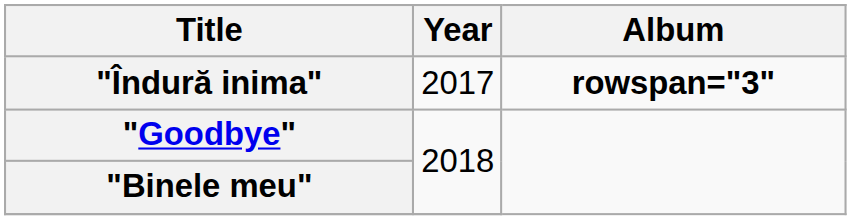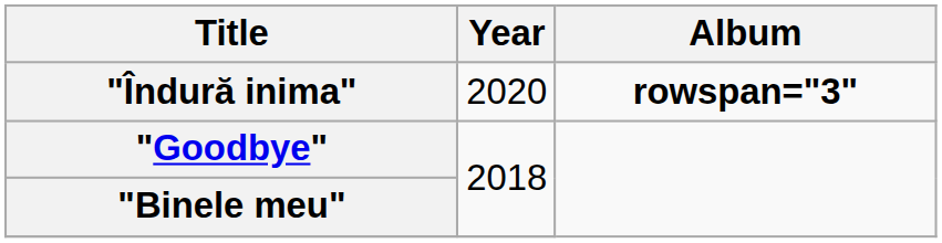 <table class="wikitable plainrowheaders" style="text-align:center;">
 <tr>
 <th scope="col" style="width:12em;">Title</th>
 <th scope="col" style="width:1em;">Year</th>
 <th scope="col" style="width:10em;">Album</th>
 </tr>
 <tr>
 <th scope="row">"Îndură inima"</th>
-<td>2017</td>
+<td>2020</td>
 <td><strong>rowspan="3" </strong></td>
 </tr>
 <tr>
 <th scope="row">"<a href='#'>Goodbye</a>"</th>
 <td rowspan="2">2018</td>
 </tr>
 <tr>
 <th scope="row">"Binele meu"</th>
 </tr>
 <tr>
 </tr>
 </table>
